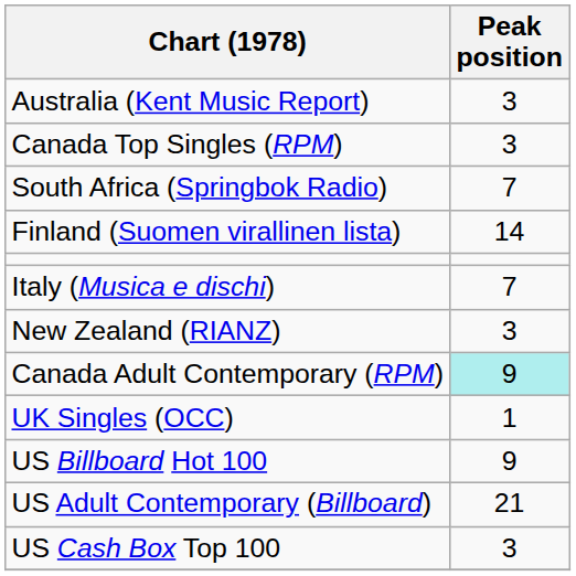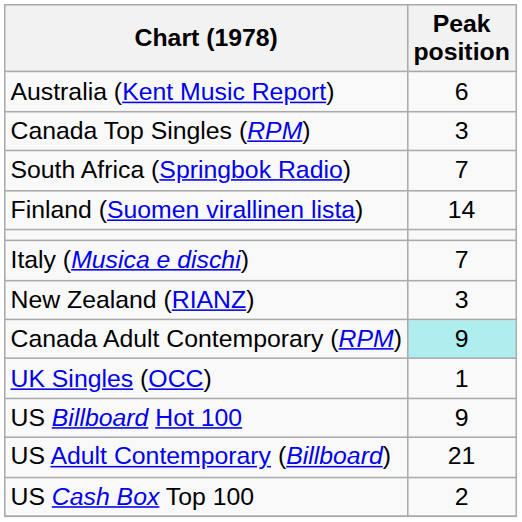 <table class="wikitable sortable">
 <tr>
 <th align="left">Chart (1978)</th>
 <th align="left">Peak<br>position</th>
 </tr>
 <tr>
 <td align="left">Australia (<a href='#'>Kent Music Report</a>)</td>
-<td style="text-align:center;">3</td>
+<td style="text-align:center;">6</td>
 </tr>
 <tr>
 <td align="left">Canada Top Singles (<em><a href='#'>RPM</a></em>)</td>
 <td style="text-align:center;">3</td>
 </tr>
 <tr>
 <td align="left">South Africa (<a href='#'>Springbok Radio</a>)</td>
 <td style="text-align:center;">7</td>
 </tr>
 <tr>
 <td align="left">Finland (<a href='#'>Suomen virallinen lista</a>)</td>
 <td style="text-align:center;">14</td>
 </tr>
 <tr>
 <td></td>
 </tr>
 <tr>
 <td align="left">Italy (<em><a href='#'>Musica e dischi</a></em>)</td>
 <td style="text-align:center;">7</td>
 </tr>
 <tr>
 <td align="left">New Zealand (<a href='#'>RIANZ</a>)</td>
 <td style="text-align:center;">3</td>
 </tr>
 <tr>
 <td align="left">Canada Adult Contemporary (<em><a href='#'>RPM</a></em>)</td>
 <td style="background: paleturquoise; text-align:center;">9</td>
 </tr>
 <tr>
 <td align="left"><a href='#'>UK Singles</a> (<a href='#'>OCC</a>)</td>
 <td style="text-align:center;">1</td>
 </tr>
 <tr>
 <td align="left">US <em><a href='#'>Billboard</a></em> <a href='#'>Hot 100</a></td>
 <td style="text-align:center;">9</td>
 </tr>
 <tr>
 <td align="left">US <a href='#'>Adult Contemporary</a> (<em><a href='#'>Billboard</a></em>)</td>
 <td style="text-align:center;">21</td>
 </tr>
 <tr>
 <td align="left">US <em><a href='#'>Cash Box</a></em> Top 100</td>
-<td style="text-align:center;">3</td>
+<td style="text-align:center;">2</td>
 </tr>
 <tr>
 </tr>
 <tr>
 </tr>
 <tr>
 </tr>
 <tr>
 </tr>
 <tr>
 </tr>
 <tr>
 </tr>
 <tr>
 </tr>
 </table>
